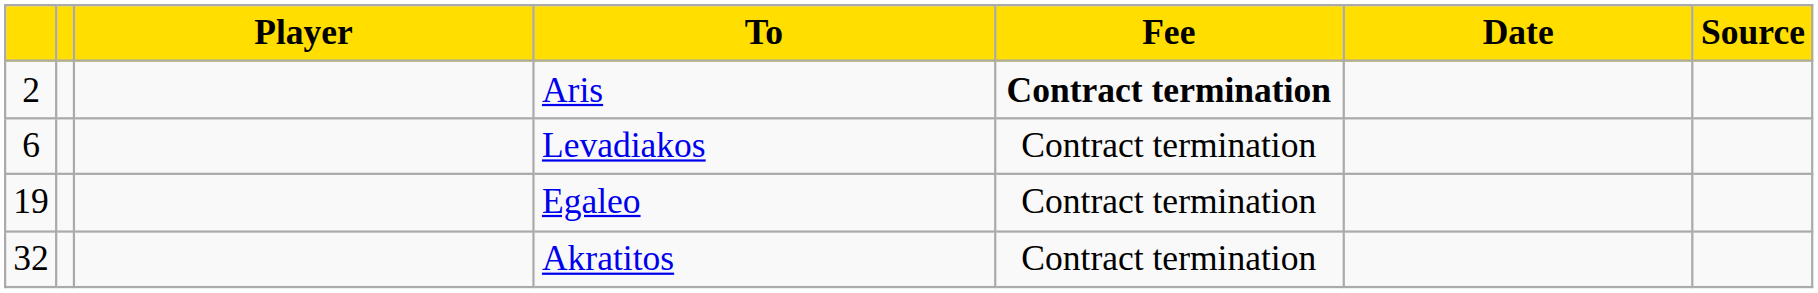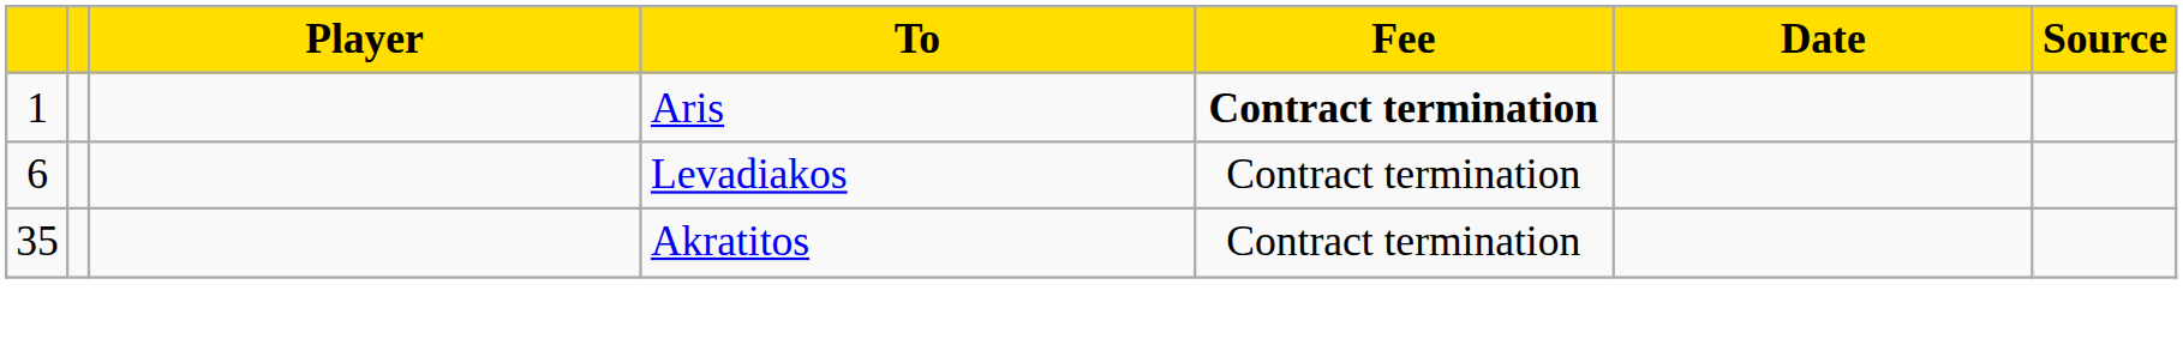 <table class="wikitable sortable">
 <tr>
 <th style="background:#FFDE00"></th>
 <th style="background:#FFDE00"></th>
 <th width=200 style="background:#FFDE00">Player</th>
 <th width=200 style="background:#FFDE00">To</th>
 <th width=150 style="background:#FFDE00">Fee</th>
 <th width=150 style="background:#FFDE00">Date</th>
 <th style="background:#FFDE00">Source</th>
 </tr>
 <tr>
-<td align=center>2</td>
+<td align=center>1</td>
 <td align=center></td>
 <td></td>
 <td> <a href='#'>Aris</a></td>
 <td align=center><strong>Contract termination</strong></td>
 <td align=center></td>
 <td align=center></td>
 </tr>
 <tr>
 <td align=center>6</td>
 <td align=center></td>
 <td></td>
 <td> <a href='#'>Levadiakos</a></td>
 <td align=center>Contract termination</td>
 <td align=center></td>
 <td align=center></td>
 </tr>
 <tr>
-<td align=center>19</td>
-<td align=center></td>
-<td></td>
-<td> <a href='#'>Egaleo</a></td>
-<td align=center>Contract termination</td>
-<td align=center></td>
-<td align=center></td>
-</tr>
-<tr>
-<td align=center>32</td>
+<td align=center>35</td>
 <td align=center></td>
 <td></td>
 <td> <a href='#'>Akratitos</a></td>
 <td align=center>Contract termination</td>
 <td align=center></td>
 <td align=center></td>
 </tr>
 </table>
